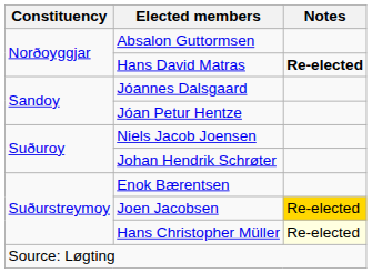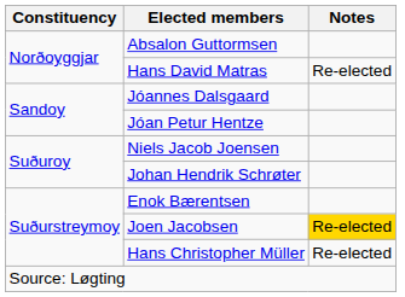 <table class=wikitable>
 <tr>
 <th>Constituency</th>
 <th>Elected members</th>
 <th>Notes</th>
 </tr>
 <tr>
 <td rowspan=2><a href='#'>Norðoyggjar</a></td>
 <td><a href='#'>Absalon Guttormsen</a></td>
 <td></td>
 </tr>
 <tr>
 <td><a href='#'>Hans David Matras</a></td>
-<td><strong>Re-elected</strong></td>
+<td>Re-elected</td>
 </tr>
 <tr>
 <td rowspan=2><a href='#'>Sandoy</a></td>
 <td><a href='#'>Jóannes Dalsgaard</a></td>
 <td></td>
 </tr>
 <tr>
 <td><a href='#'>Jóan Petur Hentze</a></td>
 <td></td>
 </tr>
 <tr>
 <td rowspan=2><a href='#'>Suðuroy</a></td>
 <td><a href='#'>Niels Jacob Joensen</a></td>
 <td></td>
 </tr>
 <tr>
 <td><a href='#'>Johan Hendrik Schrøter</a></td>
 <td></td>
 </tr>
 <tr>
 <td rowspan=3><a href='#'>Suðurstreymoy</a></td>
 <td><a href='#'>Enok Bærentsen</a></td>
 <td></td>
 </tr>
 <tr>
 <td><a href='#'>Joen Jacobsen</a></td>
 <td style="background: gold;">Re-elected</td>
 </tr>
 <tr>
 <td><a href='#'>Hans Christopher Müller</a></td>
-<td style="background: lightyellow;">Re-elected</td>
+<td>Re-elected</td>
 </tr>
 <tr>
 <td colspan=3>Source: Løgting</td>
 </tr>
 </table>
